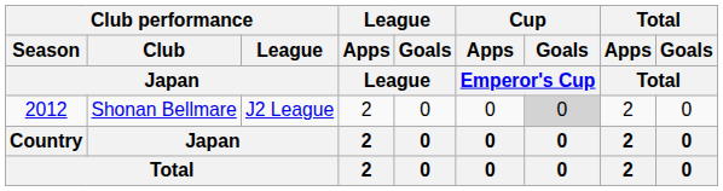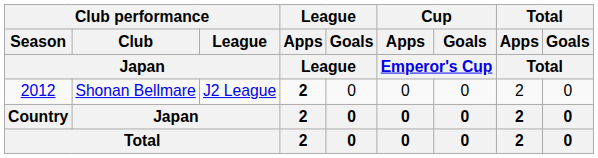 <table class="wikitable" style="text-align:center;">
 <tr>
 <th colspan=3>Club performance</th>
 <th colspan=2>League</th>
 <th colspan=2>Cup</th>
 <th colspan=2>Total</th>
 </tr>
 <tr>
 <th>Season</th>
 <th>Club</th>
 <th>League</th>
 <th>Apps</th>
 <th>Goals</th>
 <th>Apps</th>
 <th>Goals</th>
 <th>Apps</th>
 <th>Goals</th>
 </tr>
 <tr>
 <th colspan=3>Japan</th>
 <th colspan=2>League</th>
 <th colspan=2><a href='#'>Emperor's Cup</a></th>
 <th colspan=2>Total</th>
 </tr>
 <tr>
 <td><a href='#'>2012</a></td>
 <td><a href='#'>Shonan Bellmare</a></td>
 <td><a href='#'>J2 League</a></td>
-<td>2</td>
+<td><strong>2</strong></td>
 <td>0</td>
 <td>0</td>
-<td style="background: lightgrey;">0</td>
+<td>0</td>
 <td>2</td>
 <td>0</td>
 </tr>
 <tr>
 <th rowspan=1>Country</th>
 <th colspan=2>Japan</th>
 <th>2</th>
 <th>0</th>
 <th>0</th>
 <th>0</th>
 <th>2</th>
 <th>0</th>
 </tr>
 <tr>
 <th colspan=3>Total</th>
 <th>2</th>
 <th>0</th>
 <th>0</th>
 <th>0</th>
 <th>2</th>
 <th>0</th>
 </tr>
 </table>
